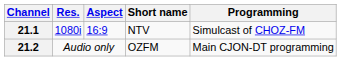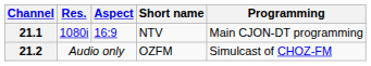 <table class="wikitable">
 <tr>
 <th scope = "col"><a href='#'>Channel</a></th>
 <th scope = "col"><a href='#'>Res.</a></th>
 <th scope = "col"><a href='#'>Aspect</a></th>
 <th scope = "col">Short name</th>
 <th scope = "col">Programming</th>
 </tr>
 <tr>
 <th scope = "row">21.1</th>
 <td><a href='#'>1080i</a></td>
 <td><a href='#'>16:9</a></td>
 <td>NTV</td>
-<td>Simulcast of <a href='#'>CHOZ-FM</a></td>
+<td>Main CJON-DT programming</td>
 </tr>
 <tr>
 <th scope = "row">21.2</th>
 <td colspan="2" align="center"><em>Audio only</em></td>
 <td>OZFM</td>
-<td>Main CJON-DT programming</td>
+<td>Simulcast of <a href='#'>CHOZ-FM</a></td>
 </tr>
 </table>
